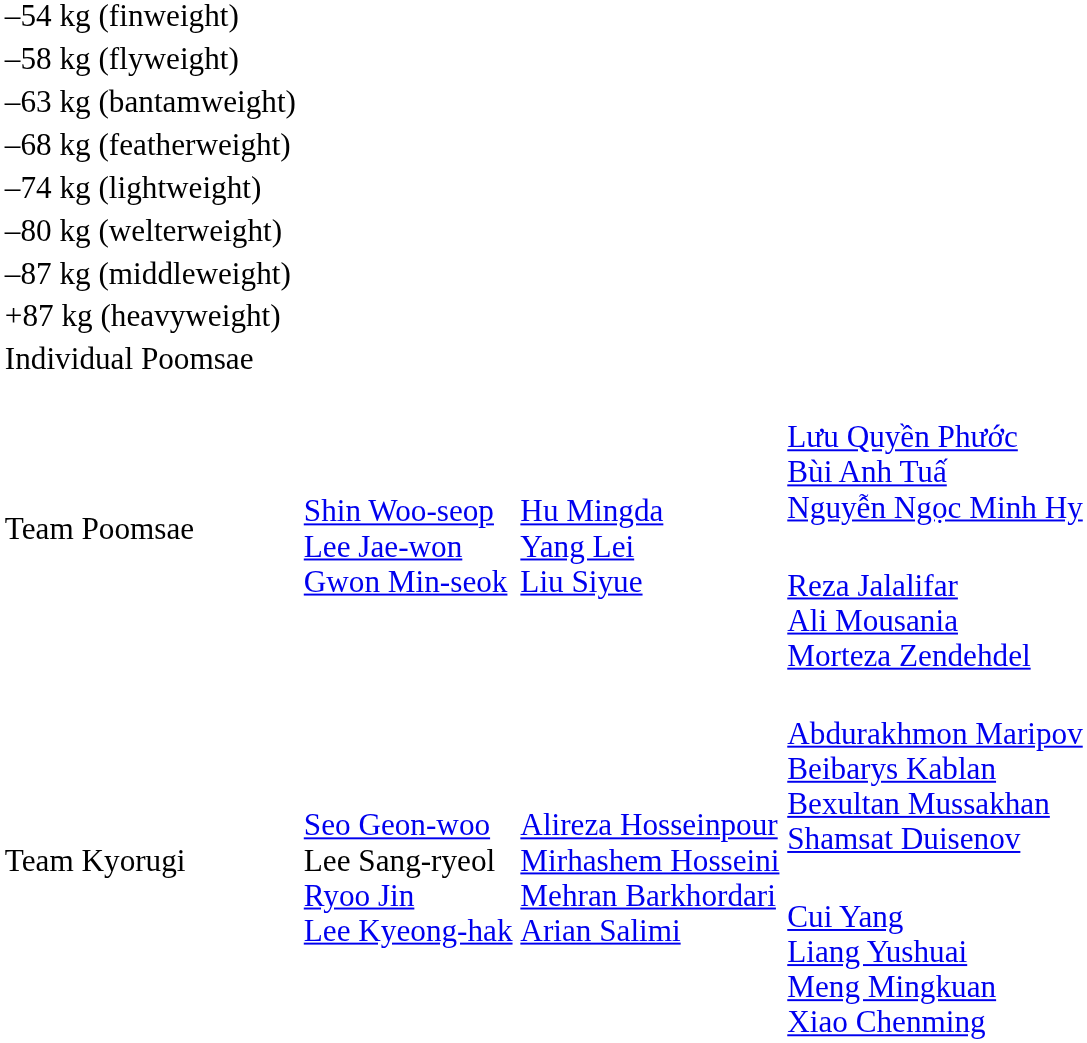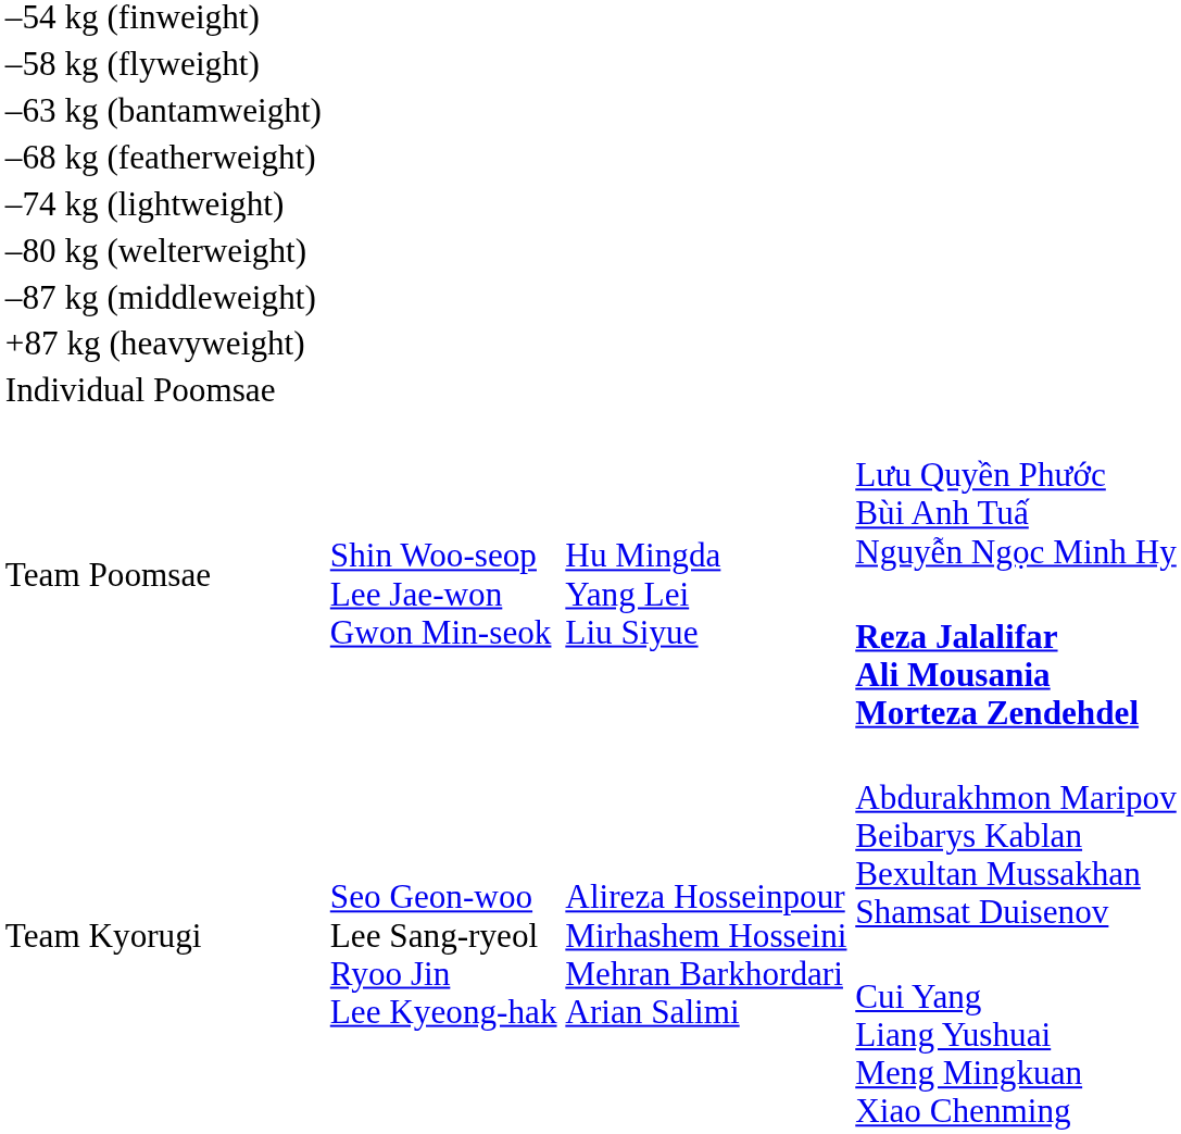 <table>
 <tr>
 <td rowspan=2>–54 kg (finweight)<br></td>
 <td rowspan=2></td>
 <td rowspan=2></td>
 <td></td>
 </tr>
 <tr>
 <td></td>
 </tr>
 <tr>
 <td rowspan=2>–58 kg (flyweight)<br></td>
 <td rowspan=2></td>
 <td rowspan=2></td>
 <td></td>
 </tr>
 <tr>
 <td></td>
 </tr>
 <tr>
 <td rowspan=2>–63 kg (bantamweight)<br></td>
 <td rowspan=2></td>
 <td rowspan=2></td>
 <td></td>
 </tr>
 <tr>
 <td></td>
 </tr>
 <tr>
 <td rowspan=2>–68 kg (featherweight)<br></td>
 <td rowspan=2></td>
 <td rowspan=2></td>
 <td></td>
 </tr>
 <tr>
 <td></td>
 </tr>
 <tr>
 <td rowspan=2>–74 kg (lightweight)<br></td>
 <td rowspan=2></td>
 <td rowspan=2></td>
 <td></td>
 </tr>
 <tr>
 <td></td>
 </tr>
 <tr>
 <td rowspan=2>–80 kg (welterweight)<br></td>
 <td rowspan=2></td>
 <td rowspan=2></td>
 <td></td>
 </tr>
 <tr>
 <td></td>
 </tr>
 <tr>
 <td rowspan=2>–87 kg (middleweight)<br></td>
 <td rowspan=2></td>
 <td rowspan=2></td>
 <td></td>
 </tr>
 <tr>
 <td></td>
 </tr>
 <tr>
 <td rowspan=2>+87 kg (heavyweight)<br></td>
 <td rowspan=2></td>
 <td rowspan=2></td>
 <td></td>
 </tr>
 <tr>
 <td></td>
 </tr>
 <tr>
 <td rowspan=2>Individual Poomsae<br></td>
 <td rowspan=2></td>
 <td rowspan=2></td>
 <td></td>
 </tr>
 <tr>
 <td></td>
 </tr>
 <tr>
 <td rowspan=2>Team Poomsae<br></td>
 <td rowspan=2><br><a href='#'>Shin Woo-seop</a><br><a href='#'>Lee Jae-won</a><br><a href='#'>Gwon Min-seok</a></td>
 <td rowspan=2><br><a href='#'>Hu Mingda</a><br><a href='#'>Yang Lei</a><br><a href='#'>Liu Siyue</a></td>
 <td><br><a href='#'>Lưu Quyền Phước</a><br><a href='#'>Bùi Anh Tuấ</a><br><a href='#'>Nguyễn Ngọc Minh Hy</a></td>
 </tr>
 <tr>
-<td><br><a href='#'>Reza Jalalifar</a><br><a href='#'>Ali Mousania</a><br><a href='#'>Morteza Zendehdel</a></td>
+<td><strong><br><a href='#'>Reza Jalalifar</a><br><a href='#'>Ali Mousania</a><br><a href='#'>Morteza Zendehdel</a></strong></td>
 </tr>
 <tr>
 <td rowspan=2>Team Kyorugi<br></td>
 <td rowspan=2><br><a href='#'>Seo Geon-woo</a><br>Lee Sang-ryeol<br><a href='#'>Ryoo Jin</a><br><a href='#'>Lee Kyeong-hak</a></td>
 <td rowspan=2><br><a href='#'>Alireza Hosseinpour</a><br><a href='#'>Mirhashem Hosseini</a><br><a href='#'>Mehran Barkhordari</a><br><a href='#'>Arian Salimi</a></td>
 <td><br><a href='#'>Abdurakhmon Maripov</a><br><a href='#'>Beibarys Kablan</a><br><a href='#'>Bexultan Mussakhan</a><br><a href='#'>Shamsat Duisenov</a></td>
 </tr>
 <tr>
 <td><br><a href='#'>Cui Yang</a><br><a href='#'>Liang Yushuai</a><br><a href='#'>Meng Mingkuan</a><br><a href='#'>Xiao Chenming</a></td>
 </tr>
 </table>
